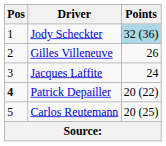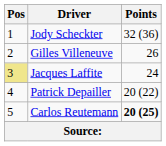 <table class="wikitable" style="font-size: 95%;">
 <tr>
 <th>Pos</th>
 <th>Driver</th>
 <th>Points</th>
 </tr>
 <tr>
 <td>1</td>
 <td> <a href='#'>Jody Scheckter</a></td>
-<td style="background: lightblue; text-align:right;">32 (36)</td>
+<td style="text-align:right;">32 (36)</td>
 </tr>
 <tr>
 <td>2</td>
 <td> <a href='#'>Gilles Villeneuve</a></td>
 <td style="text-align:right;">26</td>
 </tr>
 <tr>
-<td>3</td>
+<td style="background: khaki;">3</td>
 <td> <a href='#'>Jacques Laffite</a></td>
 <td style="text-align:right;">24</td>
 </tr>
 <tr>
-<td><strong>4</strong></td>
+<td>4</td>
 <td> <a href='#'>Patrick Depailler</a></td>
 <td style="text-align:right;">20 (22)</td>
 </tr>
 <tr>
 <td>5</td>
 <td> <a href='#'>Carlos Reutemann</a></td>
-<td style="text-align:right;">20 (25)</td>
+<td style="text-align:right;"><strong>20 (25)</strong></td>
 </tr>
 <tr>
 <th colspan=4>Source:</th>
 </tr>
 </table>
